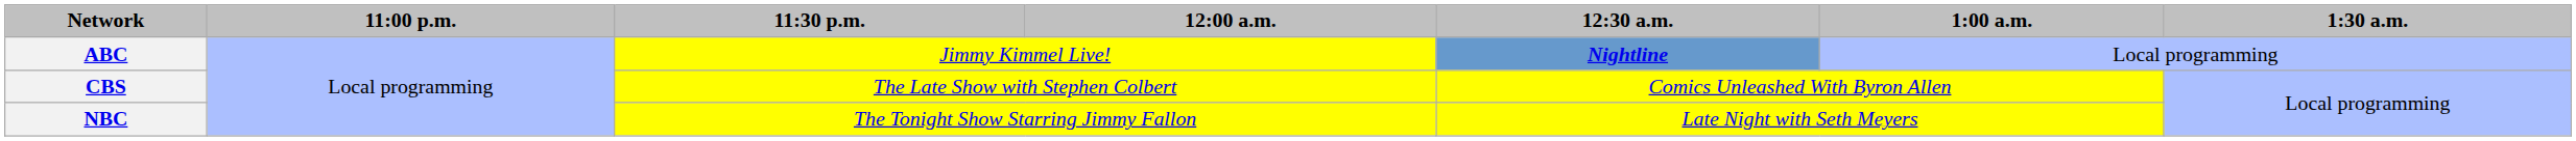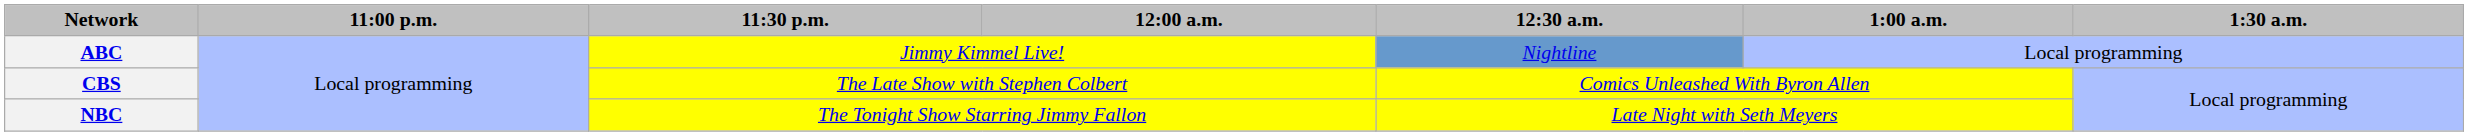 <table class="wikitable" style="width:100%;margin-right:0;text-align:center">
 <tr>
 <th style="background-color:#C0C0C0;text-align:center">Network</th>
 <th style="background-color:#C0C0C0;text-align:center">11:00 p.m.</th>
 <th style="background-color:#C0C0C0;text-align:center">11:30 p.m.</th>
 <th style="background-color:#C0C0C0;text-align:center">12:00 a.m.</th>
 <th style="background-color:#C0C0C0;text-align:center">12:30 a.m.</th>
 <th style="background-color:#C0C0C0;text-align:center">1:00 a.m.</th>
 <th style="background-color:#C0C0C0;text-align:center">1:30 a.m.</th>
 </tr>
 <tr>
 <th><a href='#'>ABC</a></th>
 <td rowspan="3" style="background:#abbfff">Local programming</td>
 <td colspan="2" style="background:yellow"><em><a href='#'>Jimmy Kimmel Live!</a></em> </td>
-<td style="background: #6699CC"><strong><em><a href='#'>Nightline</a></em> </strong></td>
+<td style="background: #6699CC"><em><a href='#'>Nightline</a></em> </td>
 <td colspan="2" style="background:#abbfff">Local programming </td>
 </tr>
 <tr>
 <th><a href='#'>CBS</a></th>
 <td colspan="2" style="background:yellow"><em><a href='#'>The Late Show with Stephen Colbert</a></em> </td>
 <td colspan="2" style="background:yellow"><em><a href='#'>Comics Unleashed With Byron Allen</a></em> </td>
 <td rowspan="2" style="background:#abbfff">Local programming </td>
 </tr>
 <tr>
 <th><a href='#'>NBC</a></th>
 <td colspan="2" style="background:yellow"><em><a href='#'>The Tonight Show Starring Jimmy Fallon</a></em> </td>
 <td colspan="2" style="background:yellow"><em><a href='#'>Late Night with Seth Meyers</a></em> </td>
 </tr>
 </table>
